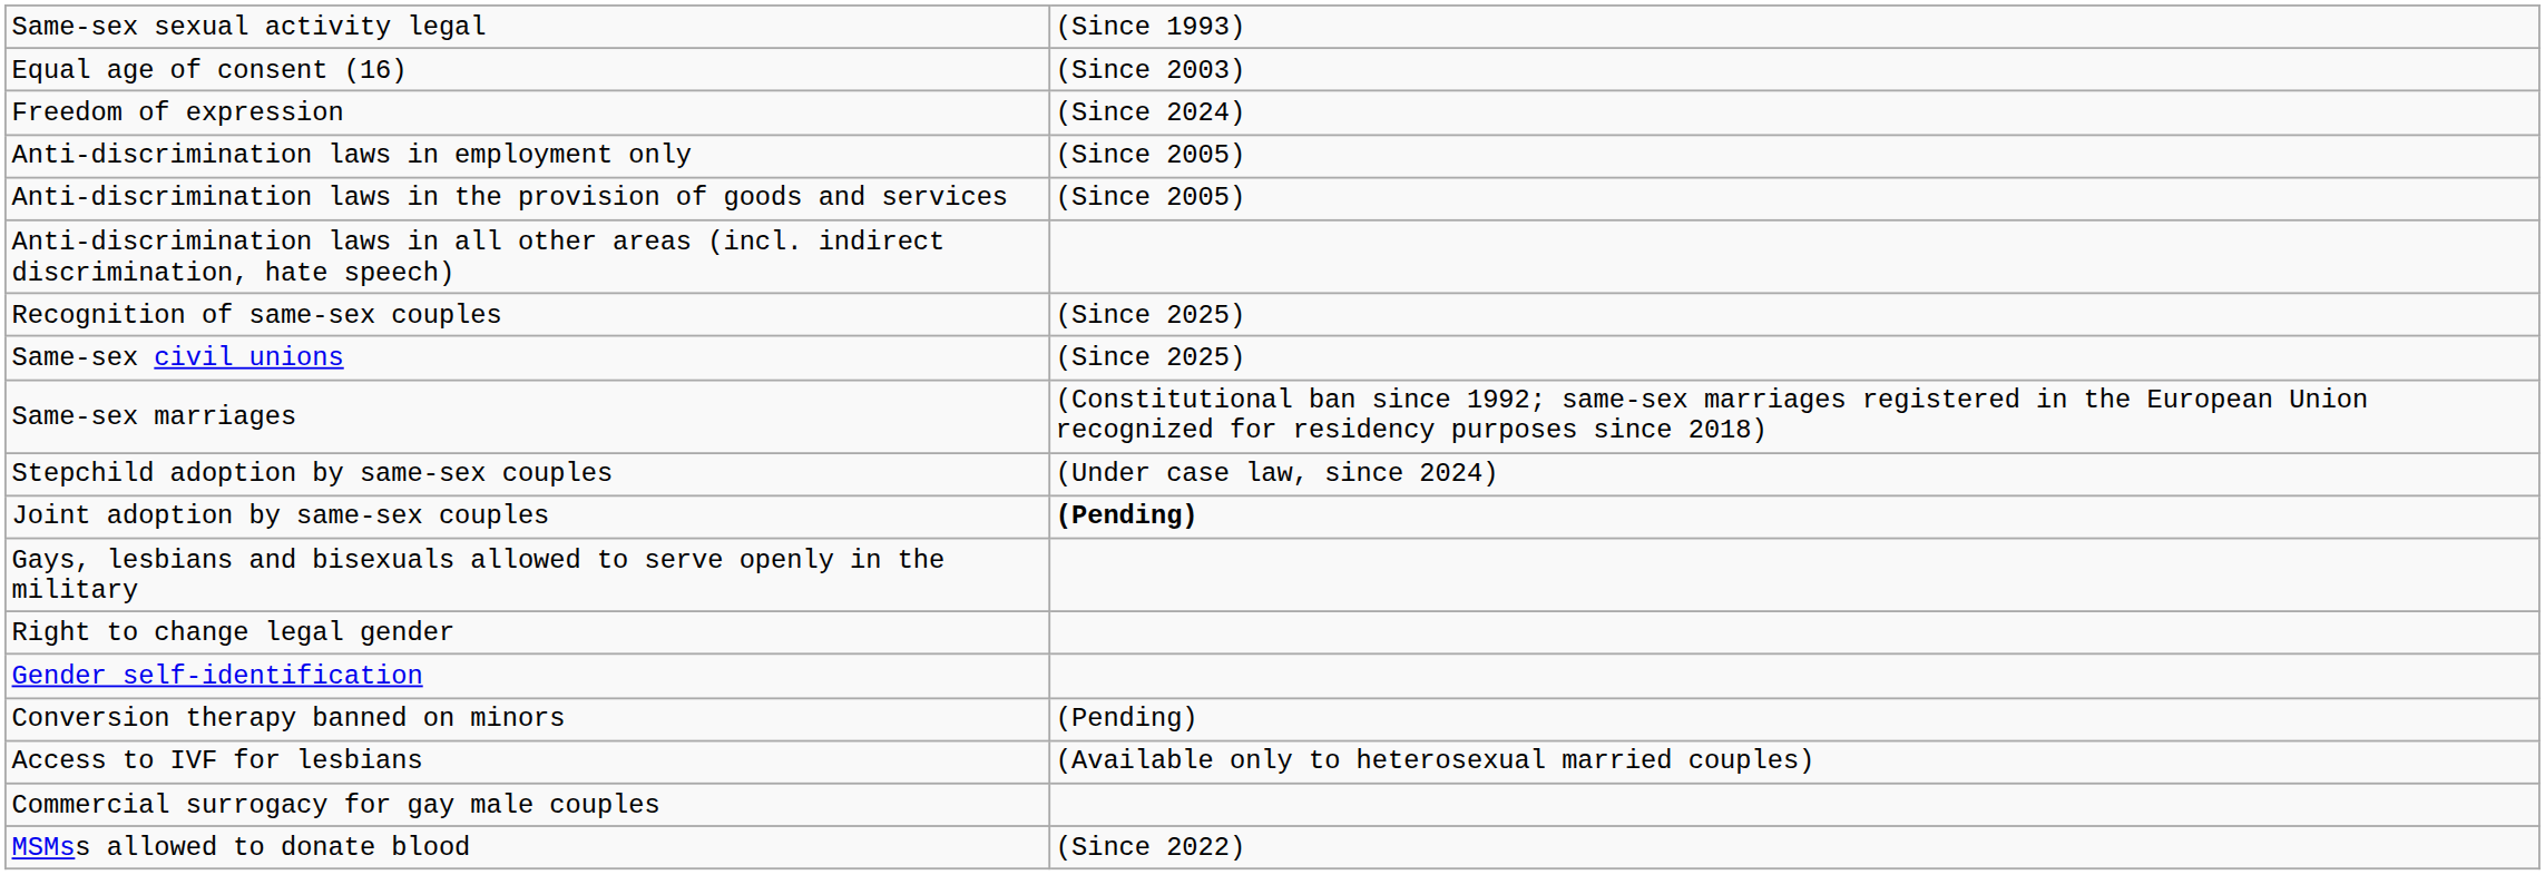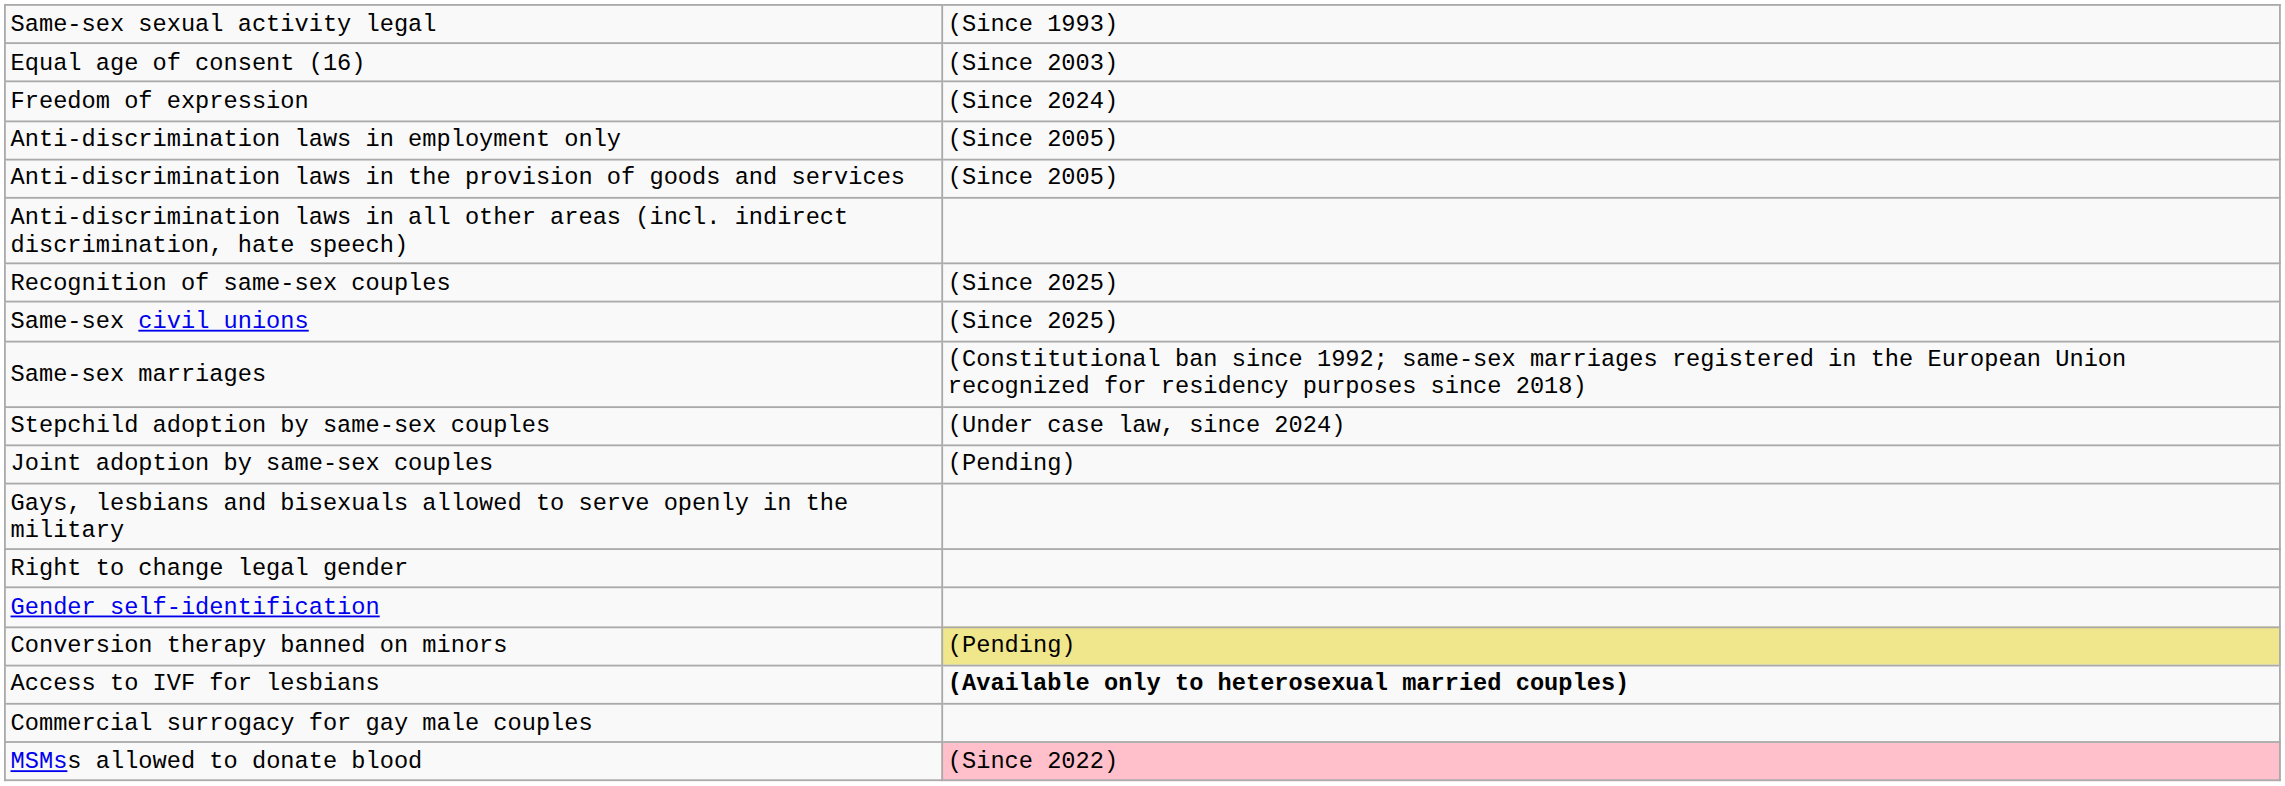 <table class="wikitable">
 <tr>
 <td>Same-sex sexual activity legal</td>
 <td> (Since 1993)</td>
 </tr>
 <tr>
 <td>Equal age of consent (16)</td>
 <td> (Since 2003)</td>
 </tr>
 <tr>
 <td>Freedom of expression</td>
 <td> (Since 2024)</td>
 </tr>
 <tr>
 <td>Anti-discrimination laws in employment only</td>
 <td> (Since 2005)</td>
 </tr>
 <tr>
 <td>Anti-discrimination laws in the provision of goods and services</td>
 <td> (Since 2005)</td>
 </tr>
 <tr>
 <td>Anti-discrimination laws in all other areas (incl. indirect discrimination, hate speech)</td>
 <td></td>
 </tr>
 <tr>
 <td>Recognition of same-sex couples</td>
 <td> (Since 2025)</td>
 </tr>
 <tr>
 <td>Same-sex <a href='#'>civil unions</a></td>
 <td> (Since 2025)</td>
 </tr>
 <tr>
 <td>Same-sex marriages</td>
 <td> (Constitutional ban since 1992; same-sex marriages registered in the European Union recognized for residency purposes since 2018)</td>
 </tr>
 <tr>
 <td>Stepchild adoption by same-sex couples</td>
 <td> (Under case law, since 2024)</td>
 </tr>
 <tr>
 <td>Joint adoption by same-sex couples</td>
-<td><strong> (Pending)</strong></td>
+<td> (Pending)</td>
 </tr>
 <tr>
 <td>Gays, lesbians and bisexuals allowed to serve openly in the military</td>
 <td></td>
 </tr>
 <tr>
 <td>Right to change legal gender</td>
 <td></td>
 </tr>
 <tr>
 <td><a href='#'>Gender self-identification</a></td>
 <td></td>
 </tr>
 <tr>
 <td>Conversion therapy banned on minors</td>
-<td> (Pending)</td>
+<td style="background: khaki;"> (Pending)</td>
 </tr>
 <tr>
 <td>Access to IVF for lesbians</td>
-<td> (Available only to heterosexual married couples)</td>
+<td><strong> (Available only to heterosexual married couples)</strong></td>
 </tr>
 <tr>
 <td>Commercial surrogacy for gay male couples</td>
 <td></td>
 </tr>
 <tr>
 <td><a href='#'>MSMs</a>s allowed to donate blood</td>
-<td> (Since 2022)</td>
+<td style="background: pink;"> (Since 2022)</td>
 </tr>
 </table>
